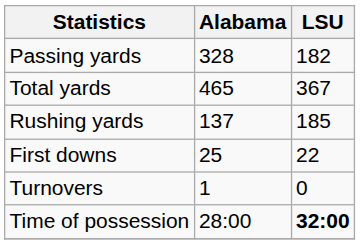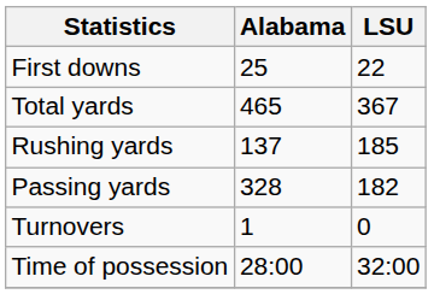 <table class="wikitable" style="float: left;">
 <tr>
 <th>Statistics</th>
 <th>Alabama</th>
 <th>LSU</th>
 </tr>
 <tr>
-<td>Passing yards</td>
-<td>328</td>
-<td>182</td>
+<td>First downs</td>
+<td>25</td>
+<td>22</td>
 </tr>
 <tr>
 <td>Total yards</td>
 <td>465</td>
 <td>367</td>
 </tr>
 <tr>
 <td>Rushing yards</td>
 <td>137</td>
 <td>185</td>
 </tr>
 <tr>
-<td>First downs</td>
-<td>25</td>
-<td>22</td>
+<td>Passing yards</td>
+<td>328</td>
+<td>182</td>
 </tr>
 <tr>
 <td>Turnovers</td>
 <td>1</td>
 <td>0</td>
 </tr>
 <tr>
 <td>Time of possession</td>
 <td>28:00</td>
-<td><strong>32:00</strong></td>
+<td>32:00</td>
 </tr>
 <tr>
 </tr>
 </table>
